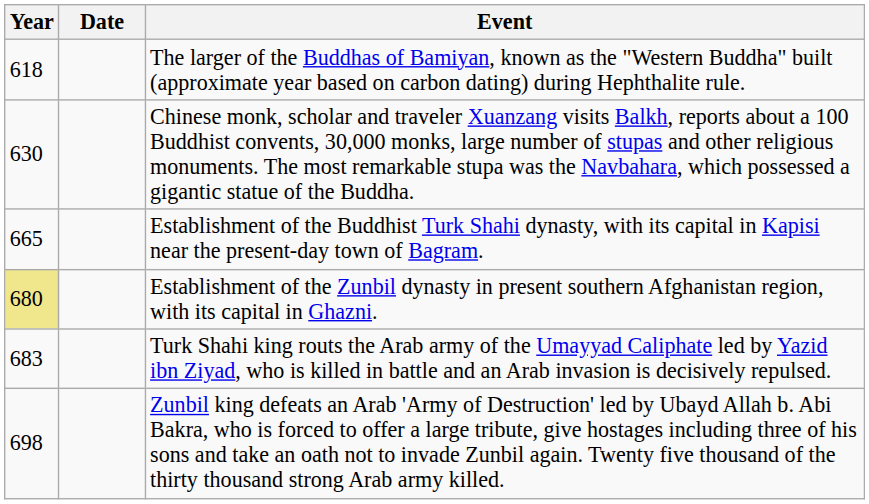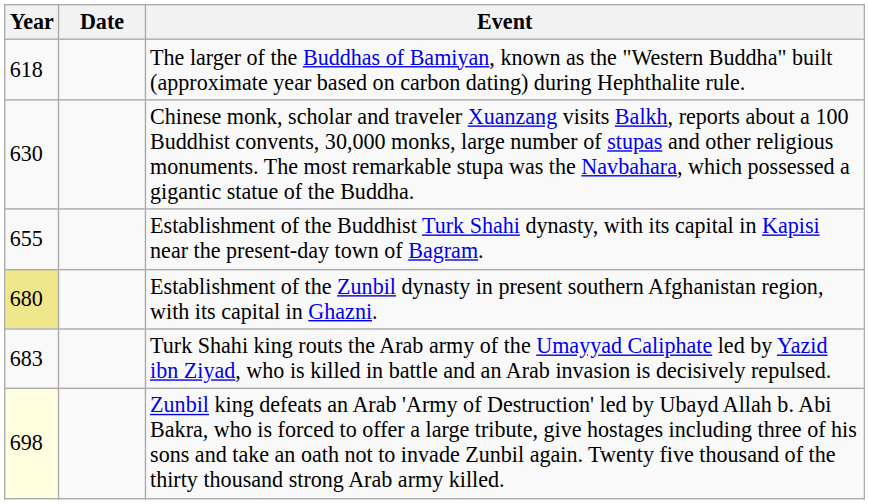 <table class="wikitable" width="100%">
 <tr>
 <th style="width:6%">Year</th>
 <th style="width:10%">Date</th>
 <th>Event</th>
 </tr>
 <tr>
 <td>618</td>
 <td></td>
 <td>The larger of the <a href='#'>Buddhas of Bamiyan</a>, known as the "Western Buddha" built (approximate year based on carbon dating) during Hephthalite rule.</td>
 </tr>
 <tr>
 <td>630</td>
 <td></td>
 <td>Chinese monk, scholar and traveler <a href='#'>Xuanzang</a> visits <a href='#'>Balkh</a>, reports about a 100 Buddhist convents, 30,000 monks, large number of <a href='#'>stupas</a> and other religious monuments. The most remarkable stupa was the <a href='#'>Navbahara</a>, which possessed a gigantic statue of the Buddha.</td>
 </tr>
 <tr>
-<td>665</td>
+<td>655</td>
 <td></td>
 <td>Establishment of the Buddhist <a href='#'>Turk Shahi</a> dynasty, with its capital in <a href='#'>Kapisi</a> near the present-day town of <a href='#'>Bagram</a>.</td>
 </tr>
 <tr>
 <td style="background: khaki;">680</td>
 <td></td>
 <td>Establishment of the <a href='#'>Zunbil</a> dynasty in present southern Afghanistan region, with its capital in <a href='#'>Ghazni</a>.</td>
 </tr>
 <tr>
 <td>683</td>
 <td></td>
 <td>Turk Shahi king routs the Arab army of the <a href='#'>Umayyad Caliphate</a> led by <a href='#'>Yazid ibn Ziyad</a>, who is killed in battle and an Arab invasion is decisively repulsed.</td>
 </tr>
 <tr>
-<td>698</td>
+<td style="background: lightyellow;">698</td>
 <td></td>
 <td><a href='#'>Zunbil</a> king defeats an Arab 'Army of Destruction' led by Ubayd Allah b. Abi Bakra, who is forced to offer a large tribute, give hostages including three of his sons and take an oath not to invade Zunbil again. Twenty five thousand of the thirty thousand strong Arab army killed.</td>
 </tr>
 </table>
